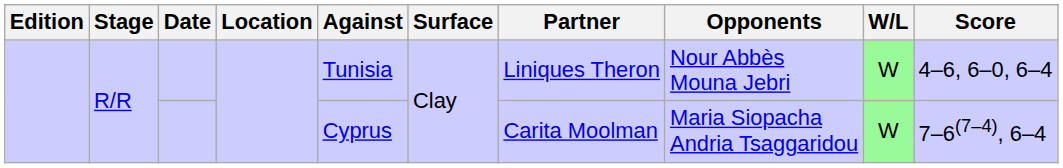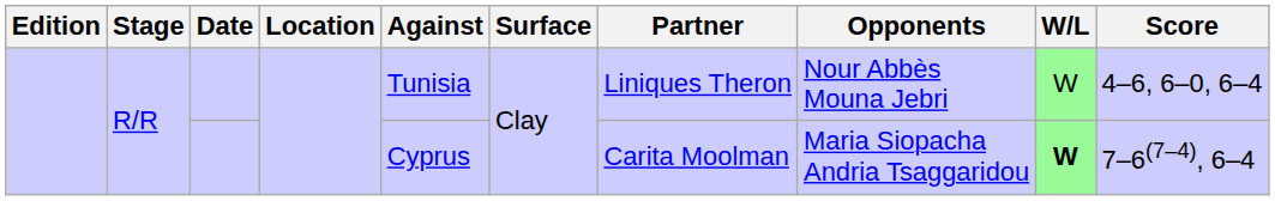 <table class=wikitable style=font-size:97%>
 <tr>
 <th>Edition</th>
 <th>Stage</th>
 <th>Date</th>
 <th>Location</th>
 <th>Against</th>
 <th>Surface</th>
 <th>Partner</th>
 <th>Opponents</th>
 <th>W/L</th>
 <th>Score</th>
 </tr>
 <tr style="background:#ccf;">
 <td rowspan="2"></td>
 <td rowspan="2"><a href='#'>R/R</a></td>
 <td></td>
 <td rowspan="2"></td>
 <td> <a href='#'>Tunisia</a></td>
 <td rowspan="2">Clay</td>
 <td> <a href='#'>Liniques Theron</a></td>
 <td> <a href='#'>Nour Abbès</a> <br>  <a href='#'>Mouna Jebri</a></td>
 <td style="text-align:center; background:#98fb98;">W</td>
 <td>4–6, 6–0, 6–4</td>
 </tr>
 <tr style="background:#ccf;">
 <td></td>
 <td> <a href='#'>Cyprus</a></td>
 <td> <a href='#'>Carita Moolman</a></td>
 <td> <a href='#'>Maria Siopacha</a> <br>  <a href='#'>Andria Tsaggaridou</a></td>
-<td style="text-align:center; background:#98fb98;">W</td>
+<td style="text-align:center; background:#98fb98;"><strong>W</strong></td>
 <td>7–6<sup>(7–4)</sup>, 6–4</td>
 </tr>
 </table>
